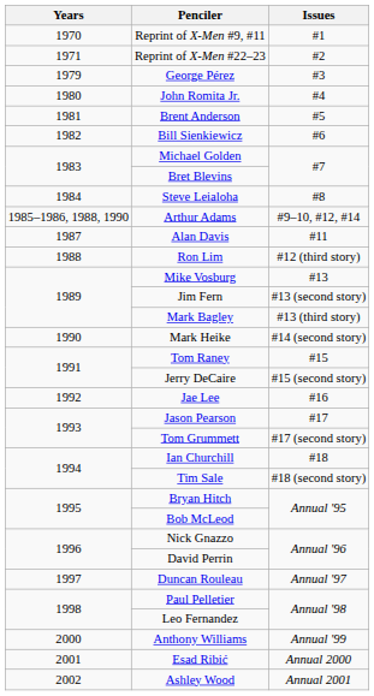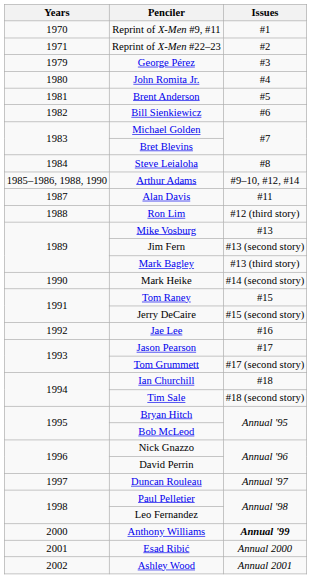 <table class="wikitable" style="vertical-align:text-top">
 <tr>
 <th>Years</th>
 <th>Penciler</th>
 <th>Issues</th>
 </tr>
 <tr>
 <td align="center">1970</td>
 <td align="center">Reprint of <em>X-Men</em> #9, #11</td>
 <td align="center">#1</td>
 </tr>
 <tr>
 <td align="center">1971</td>
 <td align="center">Reprint of <em>X-Men</em> #22–23</td>
 <td align="center">#2</td>
 </tr>
 <tr>
 <td align="center">1979</td>
 <td align="center"><a href='#'>George Pérez</a></td>
 <td align="center">#3</td>
 </tr>
 <tr>
 <td align="center">1980</td>
 <td align="center"><a href='#'>John Romita Jr.</a></td>
 <td align="center">#4</td>
 </tr>
 <tr>
 <td align="center">1981</td>
 <td align="center"><a href='#'>Brent Anderson</a></td>
 <td align="center">#5</td>
 </tr>
 <tr>
 <td align="center">1982</td>
 <td align="center"><a href='#'>Bill Sienkiewicz</a></td>
 <td align="center">#6</td>
 </tr>
 <tr>
 <td align="center" rowspan="2">1983</td>
 <td align="center"><a href='#'>Michael Golden</a></td>
 <td align="center" rowspan="2">#7</td>
 </tr>
 <tr>
 <td align="center"><a href='#'>Bret Blevins</a></td>
 </tr>
 <tr>
 <td align="center">1984</td>
 <td align="center"><a href='#'>Steve Leialoha</a></td>
 <td align="center">#8</td>
 </tr>
 <tr>
 <td align="center">1985–1986, 1988, 1990</td>
 <td align="center"><a href='#'>Arthur Adams</a></td>
 <td align="center">#9–10, #12, #14</td>
 </tr>
 <tr>
 <td align="center">1987</td>
 <td align="center"><a href='#'>Alan Davis</a></td>
 <td align="center">#11</td>
 </tr>
 <tr>
 <td align="center">1988</td>
 <td align="center"><a href='#'>Ron Lim</a></td>
 <td align="center">#12 (third story)</td>
 </tr>
 <tr>
 <td align="center" rowspan="3">1989</td>
 <td align="center"><a href='#'>Mike Vosburg</a></td>
 <td align="center">#13</td>
 </tr>
 <tr>
 <td align="center">Jim Fern</td>
 <td align="center">#13 (second story)</td>
 </tr>
 <tr>
 <td align="center"><a href='#'>Mark Bagley</a></td>
 <td align="center">#13 (third story)</td>
 </tr>
 <tr>
 <td align="center">1990</td>
 <td align="center">Mark Heike</td>
 <td align="center">#14 (second story)</td>
 </tr>
 <tr>
 <td align="center" rowspan="2">1991</td>
 <td align="center"><a href='#'>Tom Raney</a></td>
 <td align="center">#15</td>
 </tr>
 <tr>
 <td align="center">Jerry DeCaire</td>
 <td align="center">#15 (second story)</td>
 </tr>
 <tr>
 <td align="center">1992</td>
 <td align="center"><a href='#'>Jae Lee</a></td>
 <td align="center">#16</td>
 </tr>
 <tr>
 <td align="center" rowspan="2">1993</td>
 <td align="center"><a href='#'>Jason Pearson</a></td>
 <td align="center">#17</td>
 </tr>
 <tr>
 <td align="center"><a href='#'>Tom Grummett</a></td>
 <td align="center">#17 (second story)</td>
 </tr>
 <tr>
 <td align="center" rowspan="2">1994</td>
 <td align="center"><a href='#'>Ian Churchill</a></td>
 <td align="center">#18</td>
 </tr>
 <tr>
 <td align="center"><a href='#'>Tim Sale</a></td>
 <td align="center">#18 (second story)</td>
 </tr>
 <tr>
 <td align="center" rowspan="2">1995</td>
 <td align="center"><a href='#'>Bryan Hitch</a></td>
 <td align="center" rowspan="2"><em>Annual '95</em></td>
 </tr>
 <tr>
 <td align="center"><a href='#'>Bob McLeod</a></td>
 </tr>
 <tr>
 <td align="center" rowspan="2">1996</td>
 <td align="center">Nick Gnazzo</td>
 <td align="center" rowspan="2"><em>Annual '96</em></td>
 </tr>
 <tr>
 <td align="center">David Perrin</td>
 </tr>
 <tr>
 <td align="center">1997</td>
 <td align="center"><a href='#'>Duncan Rouleau</a></td>
 <td align="center"><em>Annual '97</em></td>
 </tr>
 <tr>
 <td align="center" rowspan="2">1998</td>
 <td align="center"><a href='#'>Paul Pelletier</a></td>
 <td align="center" rowspan="2"><em>Annual '98</em></td>
 </tr>
 <tr>
 <td align="center">Leo Fernandez</td>
 </tr>
 <tr>
 <td align="center">2000</td>
 <td align="center"><a href='#'>Anthony Williams</a></td>
-<td align="center"><em>Annual '99</em></td>
+<td align="center"><strong><em>Annual '99</em></strong></td>
 </tr>
 <tr>
 <td align="center">2001</td>
 <td align="center"><a href='#'>Esad Ribić</a></td>
 <td align="center"><em>Annual 2000</em></td>
 </tr>
 <tr>
 <td align="center">2002</td>
 <td align="center"><a href='#'>Ashley Wood</a></td>
 <td align="center"><em>Annual 2001</em></td>
 </tr>
 </table>
